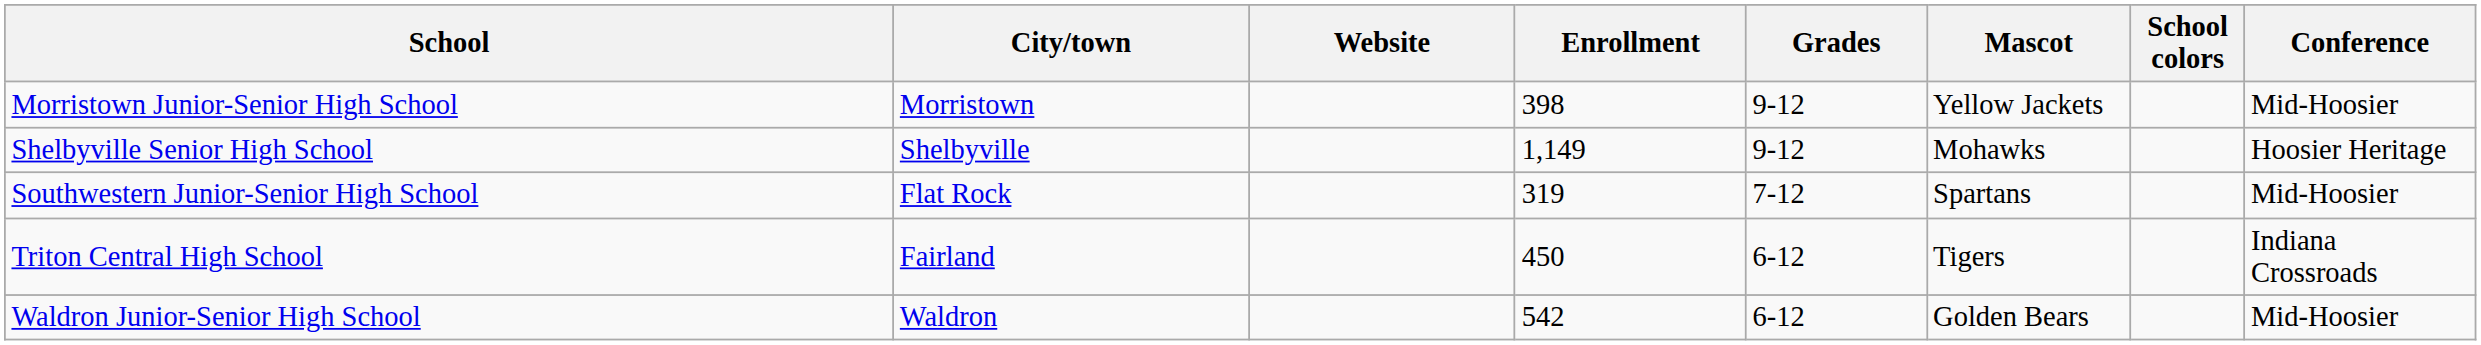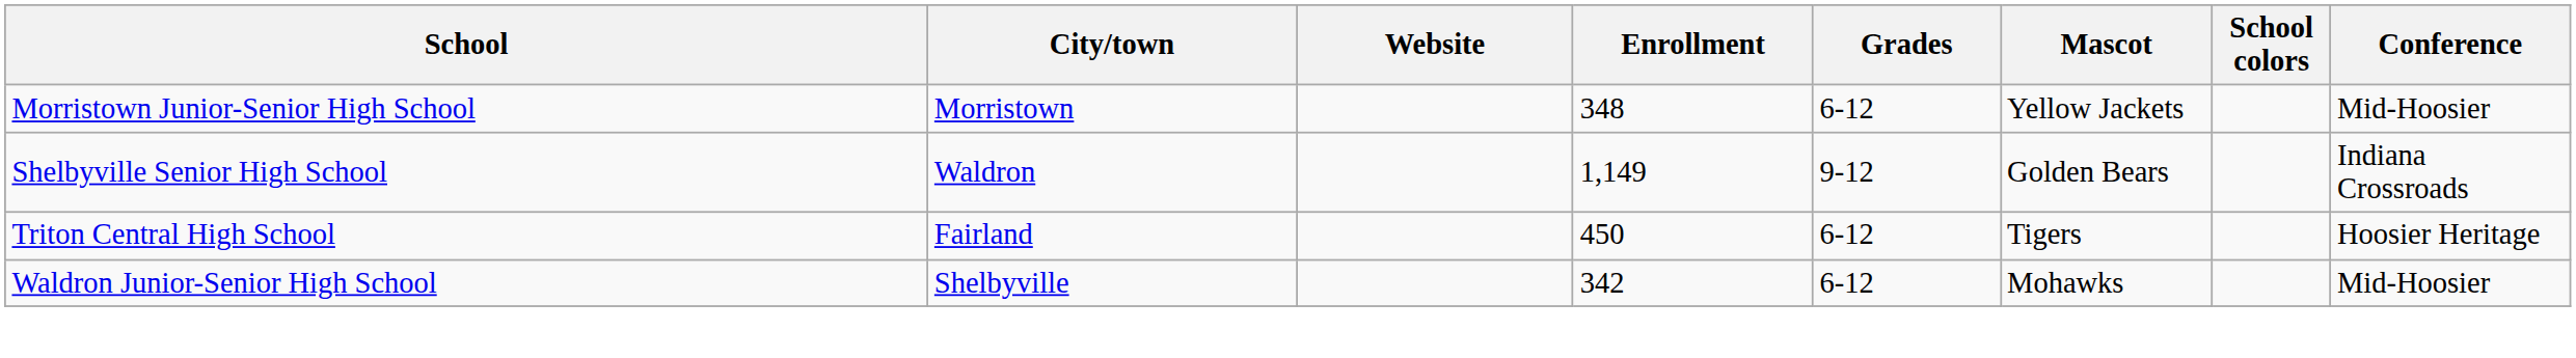 <table class="wikitable sortable" width="70%">
 <tr>
 <th width="20%">School</th>
 <th width="08%">City/town</th>
 <th width="06%">Website</th>
 <th width="04%">Enrollment</th>
 <th width="04%">Grades</th>
 <th width="04%">Mascot</th>
 <th width=01%>School colors</th>
 <th width="04%">Conference</th>
 </tr>
 <tr>
 <td><a href='#'>Morristown Junior-Senior High School</a></td>
 <td><a href='#'>Morristown</a></td>
 <td></td>
-<td>398</td>
-<td>9-12</td>
+<td>348</td>
+<td>6-12</td>
 <td>Yellow Jackets</td>
 <td>  </td>
 <td>Mid-Hoosier</td>
 </tr>
 <tr>
 <td><a href='#'>Shelbyville Senior High School</a></td>
-<td><a href='#'>Shelbyville</a></td>
+<td><a href='#'>Waldron</a></td>
 <td></td>
 <td>1,149</td>
 <td>9-12</td>
-<td>Mohawks</td>
+<td>Golden Bears</td>
 <td>  </td>
-<td>Hoosier Heritage</td>
-</tr>
-<tr>
-<td><a href='#'>Southwestern Junior-Senior High School</a></td>
-<td><a href='#'>Flat Rock</a></td>
-<td></td>
-<td>319</td>
-<td>7-12</td>
-<td>Spartans</td>
-<td>  </td>
-<td>Mid-Hoosier</td>
+<td>Indiana Crossroads</td>
 </tr>
 <tr>
 <td><a href='#'>Triton Central High School</a></td>
 <td><a href='#'>Fairland</a></td>
 <td></td>
 <td>450</td>
 <td>6-12</td>
 <td>Tigers</td>
 <td> </td>
-<td>Indiana Crossroads</td>
+<td>Hoosier Heritage</td>
 </tr>
 <tr>
 <td><a href='#'>Waldron Junior-Senior High School</a></td>
-<td><a href='#'>Waldron</a></td>
+<td><a href='#'>Shelbyville</a></td>
 <td></td>
-<td>542</td>
+<td>342</td>
 <td>6-12</td>
-<td>Golden Bears</td>
+<td>Mohawks</td>
 <td> </td>
 <td>Mid-Hoosier</td>
 </tr>
 </table>
